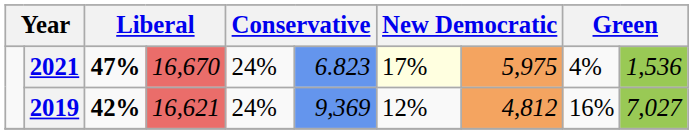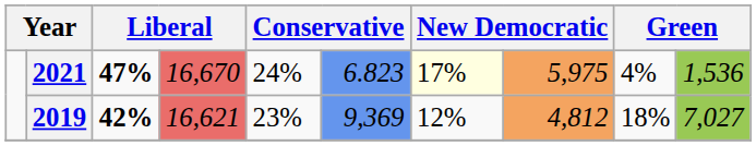 <table class="wikitable" style="float:right; width:400; font-size:90%; margin-left:1em;">
 <tr>
 <th colspan="2" scope="col">Year</th>
 <th colspan="2" scope="col"><a href='#'>Liberal</a></th>
 <th colspan="2" scope="col"><a href='#'>Conservative</a></th>
 <th colspan="2" scope="col"><a href='#'>New Democratic</a></th>
 <th colspan="2" scope="col"><a href='#'>Green</a></th>
 </tr>
 <tr>
 <td rowspan="2" style="width: 0.25em; background-color: "></td>
 <th><a href='#'>2021</a></th>
 <td><strong>47%</strong></td>
 <td style="text-align:right; background:#EA6D6A;"><em>16,670</em></td>
 <td>24%</td>
 <td style="text-align:right; background:#6495ED;"><em>6.823</em></td>
 <td style="background: lightyellow;">17%</td>
 <td style="text-align:right; background:#F4A460;"><em>5,975</em></td>
 <td>4%</td>
 <td style="text-align:right; background:#99C955;"><em>1,536</em></td>
 </tr>
 <tr>
 <th><a href='#'>2019</a></th>
 <td><strong>42%</strong></td>
 <td style="text-align:right; background:#EA6D6A;"><em>16,621</em></td>
-<td>24%</td>
+<td>23%</td>
 <td style="text-align:right; background:#6495ED;"><em>9,369</em></td>
 <td>12%</td>
 <td style="text-align:right; background:#F4A460;"><em>4,812</em></td>
-<td>16%</td>
+<td>18%</td>
 <td style="text-align:right; background:#99C955;"><em>7,027</em></td>
 </tr>
 <tr>
 </tr>
 </table>
